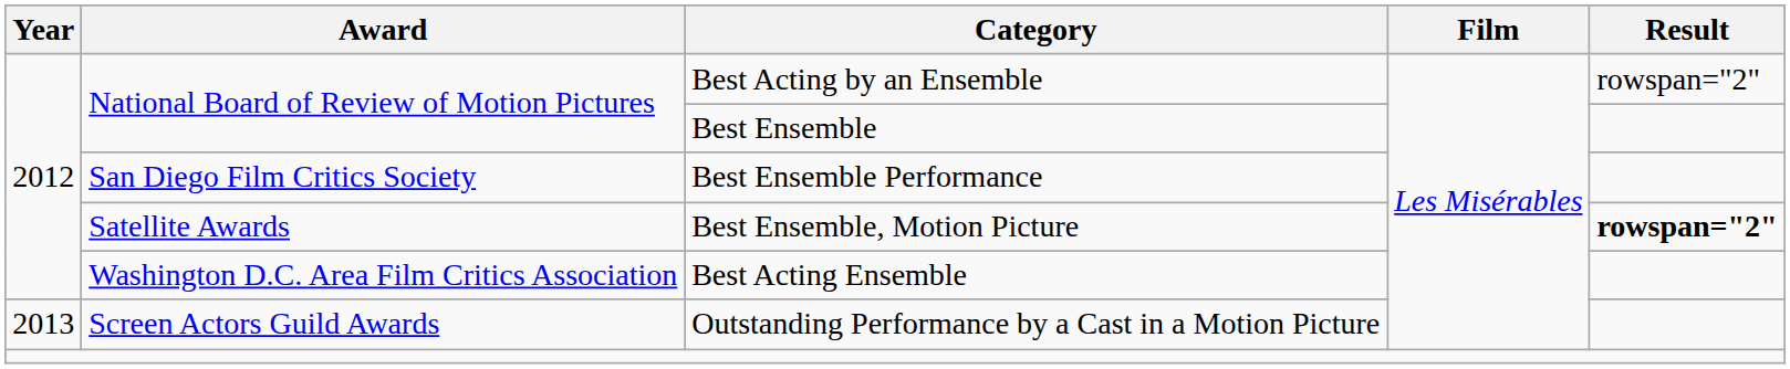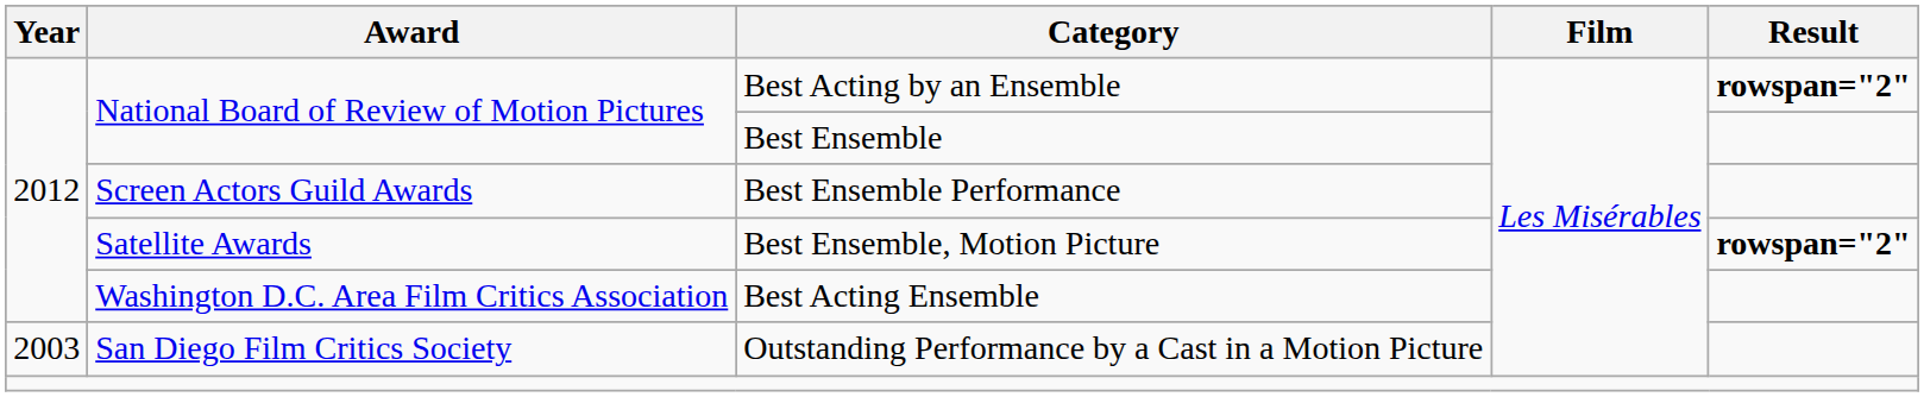 <table class="wikitable">
 <tr>
 <th>Year</th>
 <th>Award</th>
 <th>Category</th>
 <th>Film</th>
 <th>Result</th>
 </tr>
 <tr>
 <td rowspan="5">2012</td>
 <td rowspan="2"><a href='#'>National Board of Review of Motion Pictures</a></td>
 <td>Best Acting by an Ensemble</td>
 <td rowspan="6"><em><a href='#'>Les Misérables</a></em></td>
-<td>rowspan="2" </td>
+<td><strong>rowspan="2" </strong></td>
 </tr>
 <tr>
 <td>Best Ensemble</td>
 </tr>
 <tr>
-<td><a href='#'>San Diego Film Critics Society</a></td>
+<td><a href='#'>Screen Actors Guild Awards</a></td>
 <td>Best Ensemble Performance</td>
 <td></td>
 </tr>
 <tr>
 <td><a href='#'>Satellite Awards</a></td>
 <td>Best Ensemble, Motion Picture</td>
 <td><strong>rowspan="2" </strong></td>
 </tr>
 <tr>
 <td><a href='#'>Washington D.C. Area Film Critics Association</a></td>
 <td>Best Acting Ensemble</td>
 </tr>
 <tr>
-<td>2013</td>
-<td><a href='#'>Screen Actors Guild Awards</a></td>
+<td>2003</td>
+<td><a href='#'>San Diego Film Critics Society</a></td>
 <td>Outstanding Performance by a Cast in a Motion Picture</td>
 <td></td>
 </tr>
 <tr>
 <td style="text-align:center;" colspan="5"></td>
 </tr>
 </table>
